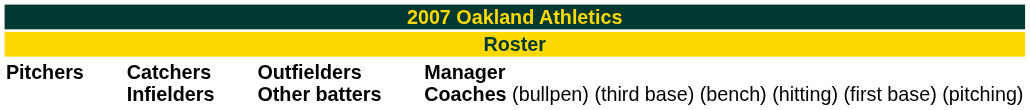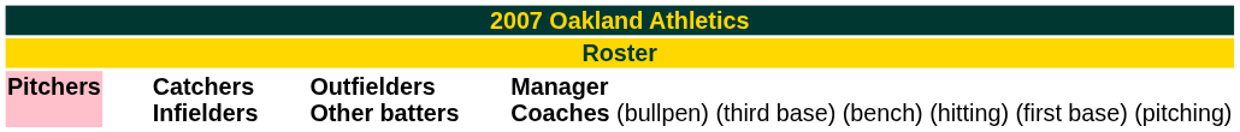 <table class="toccolours" style="font-size: 95%;">
 <tr>
 <th colspan="10" style="background-color: #003831; color: #FFD800; text-align: center;">2007 Oakland Athletics</th>
 </tr>
 <tr>
 <td colspan="10" style="background-color: #FFD800; color: #003831; text-align: center;"><strong>Roster</strong></td>
 </tr>
 <tr>
-<td valign="top"><strong>Pitchers</strong><br>                       </td>
+<td valign="top" style="background: pink;"><strong>Pitchers</strong><br>                       </td>
 <td width="25px"></td>
 <td valign="top"><strong>Catchers</strong><br>    <strong>Infielders</strong>          </td>
 <td width="25px"></td>
 <td valign="top"><strong>Outfielders</strong><br>               <strong>Other batters</strong> </td>
 <td width="25px"></td>
 <td valign="top"><strong>Manager</strong><br> <strong>Coaches</strong>  (bullpen)  (third base)  (bench)  (hitting)  (first base)  (pitching)</td>
 </tr>
 </table>
